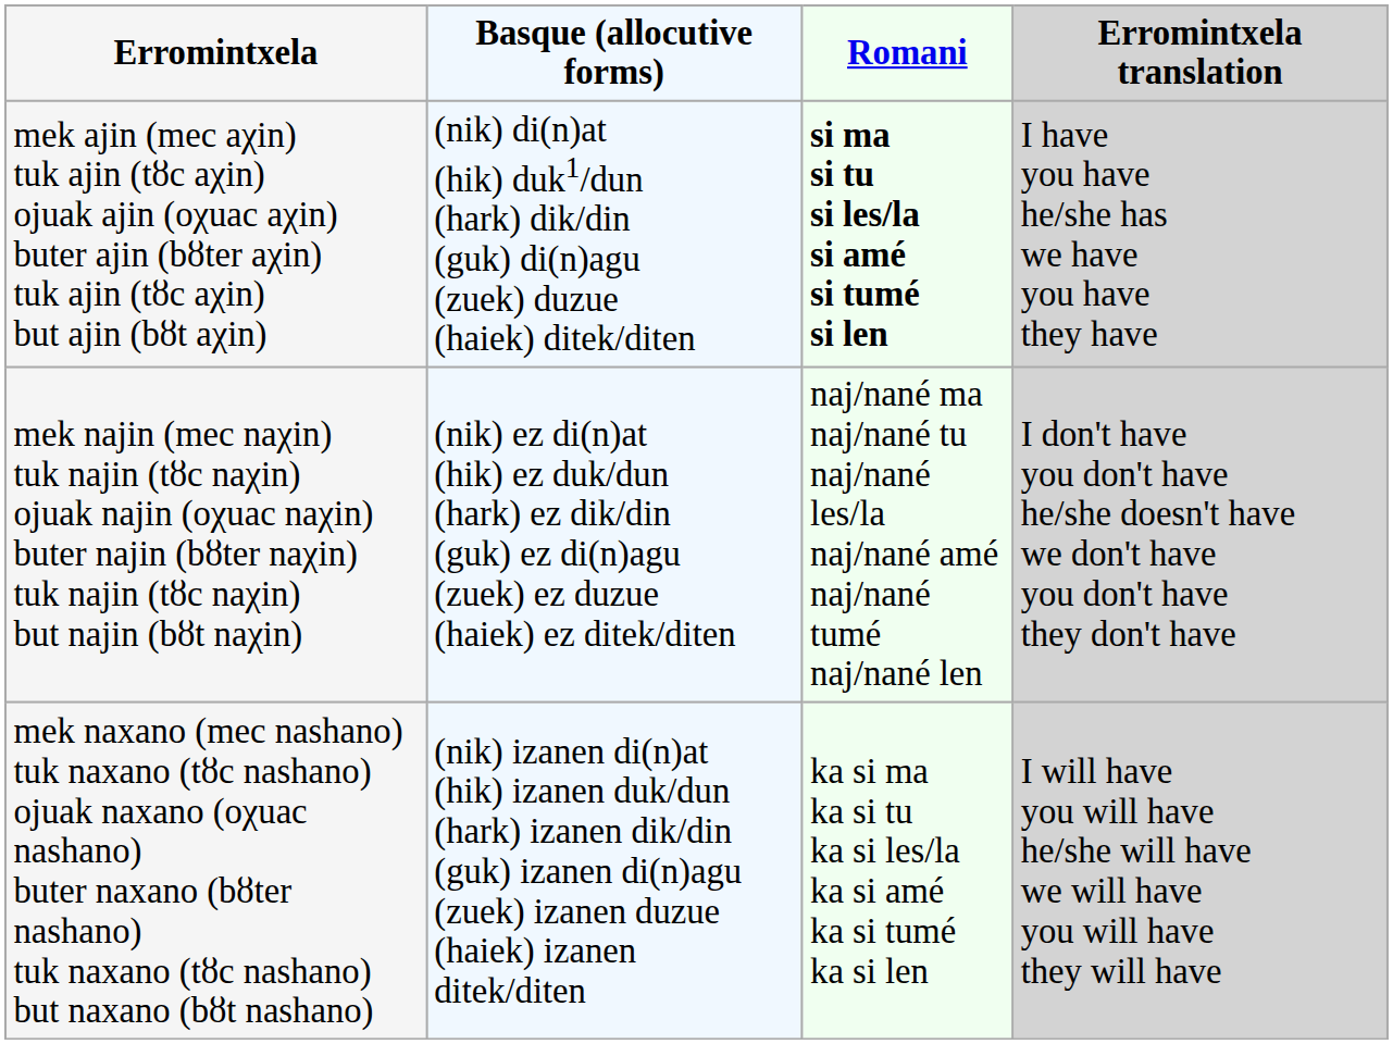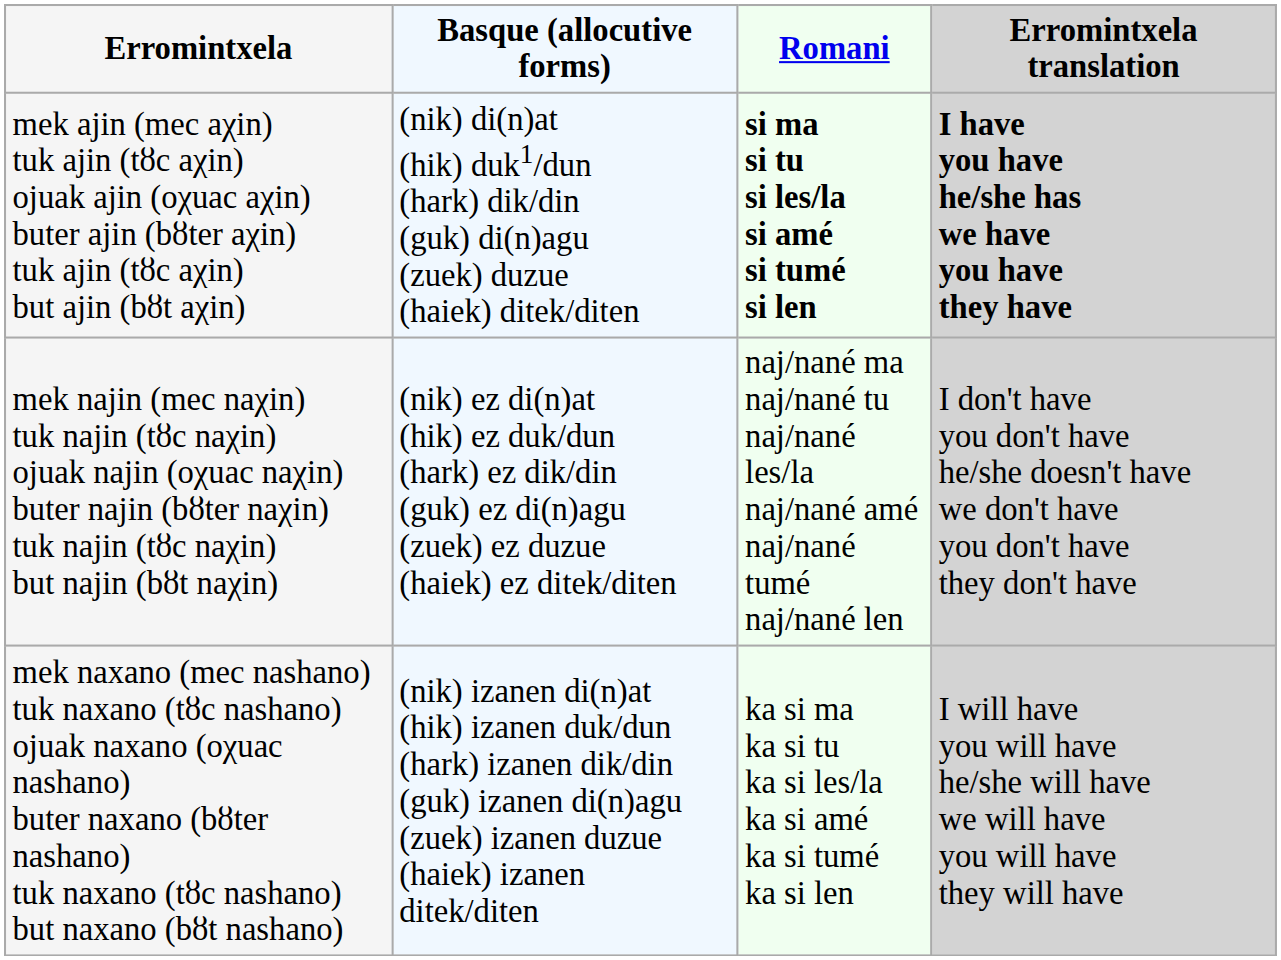 <table class="wikitable" style="width:100%; font-size: 100%">
 <tr>
 <th style="background-color: whitesmoke"><strong>Erromintxela</strong></th>
 <th style="background-color: aliceblue"><strong>Basque</strong> (allocutive forms)</th>
 <th style="background-color: honeydew"><strong><a href='#'>Romani</a></strong></th>
 <th style="background-color: lightgrey"><strong>Erromintxela translation</strong></th>
 </tr>
 <tr>
 <td style="background-color: whitesmoke">mek ajin (mec aχin)<br>tuk ajin (tȣc aχin)<br>ojuak ajin (oχuac aχin)<br>buter ajin (bȣter aχin)<br>tuk ajin (tȣc aχin)<br>but ajin (bȣt aχin)</td>
 <td style="background-color: aliceblue">(nik) di(n)at<br>(hik) duk<sup>1</sup>/dun<br>(hark) dik/din<br>(guk) di(n)agu<br>(zuek) duzue<br>(haiek) ditek/diten</td>
 <td style="background-color: honeydew"><strong>si ma<br>si tu<br>si les/la<br>si amé<br>si tumé<br>si len</strong></td>
-<td style="background-color: lightgrey">I have<br>you have<br>he/she has<br>we have<br>you have<br>they have</td>
+<td style="background-color: lightgrey"><strong>I have<br>you have<br>he/she has<br>we have<br>you have<br>they have</strong></td>
 </tr>
 <tr>
 <td style="background-color: whitesmoke">mek najin (mec naχin)<br>tuk najin (tȣc naχin)<br>ojuak najin (oχuac naχin)<br>buter najin (bȣter naχin)<br>tuk najin (tȣc naχin)<br>but najin (bȣt naχin)</td>
 <td style="background-color: aliceblue">(nik) ez di(n)at<br>(hik) ez duk/dun<br>(hark) ez dik/din<br>(guk) ez di(n)agu<br>(zuek) ez duzue<br>(haiek) ez ditek/diten</td>
 <td style="background-color: honeydew">naj/nané ma<br>naj/nané tu<br>naj/nané les/la<br>naj/nané amé<br>naj/nané tumé<br>naj/nané len</td>
 <td style="background-color: lightgrey">I don't have<br>you don't have<br>he/she doesn't have<br>we don't have<br>you don't have<br>they don't have</td>
 </tr>
 <tr>
 <td style="background-color: whitesmoke">mek naxano (mec nashano)<br>tuk naxano (tȣc nashano)<br>ojuak naxano (oχuac nashano)<br>buter naxano (bȣter nashano)<br>tuk naxano (tȣc nashano)<br>but naxano (bȣt nashano)</td>
 <td style="background-color: aliceblue">(nik) izanen di(n)at<br>(hik) izanen duk/dun<br>(hark) izanen dik/din<br>(guk) izanen di(n)agu<br>(zuek) izanen duzue<br>(haiek) izanen ditek/diten</td>
 <td style="background-color: honeydew">ka si ma<br>ka si tu<br>ka si les/la<br>ka si amé<br>ka si tumé<br>ka si len</td>
 <td style="background-color: lightgrey">I will have<br>you will have<br>he/she will have<br>we will have<br>you will have<br>they will have</td>
 </tr>
 <tr>
 </tr>
 </table>
